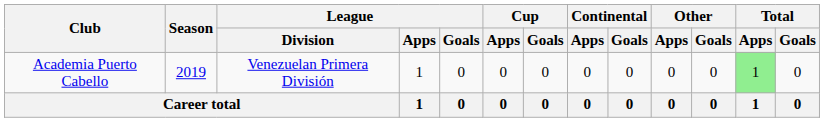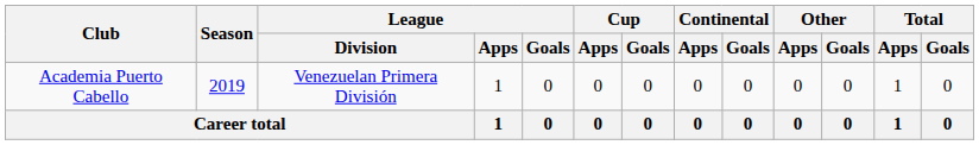 <table class="wikitable" style="text-align: center">
 <tr>
 <th rowspan="2">Club</th>
 <th rowspan="2">Season</th>
 <th colspan="3">League</th>
 <th colspan="2">Cup</th>
 <th colspan="2">Continental</th>
 <th colspan="2">Other</th>
 <th colspan="2">Total</th>
 </tr>
 <tr>
 <th>Division</th>
 <th>Apps</th>
 <th>Goals</th>
 <th>Apps</th>
 <th>Goals</th>
 <th>Apps</th>
 <th>Goals</th>
 <th>Apps</th>
 <th>Goals</th>
 <th>Apps</th>
 <th>Goals</th>
 </tr>
 <tr>
 <td><a href='#'>Academia Puerto Cabello</a></td>
 <td><a href='#'>2019</a></td>
 <td><a href='#'>Venezuelan Primera División</a></td>
 <td>1</td>
 <td>0</td>
 <td>0</td>
 <td>0</td>
 <td>0</td>
 <td>0</td>
 <td>0</td>
 <td>0</td>
-<td style="background: lightgreen;">1</td>
+<td>1</td>
 <td>0</td>
 </tr>
 <tr>
 <th colspan="3"><strong>Career total</strong></th>
 <th>1</th>
 <th>0</th>
 <th>0</th>
 <th>0</th>
 <th>0</th>
 <th>0</th>
 <th>0</th>
 <th>0</th>
 <th>1</th>
 <th>0</th>
 </tr>
 </table>
